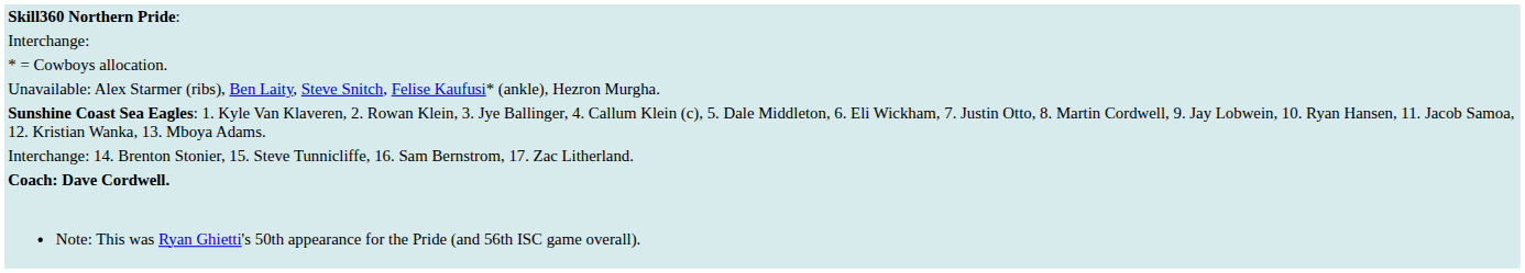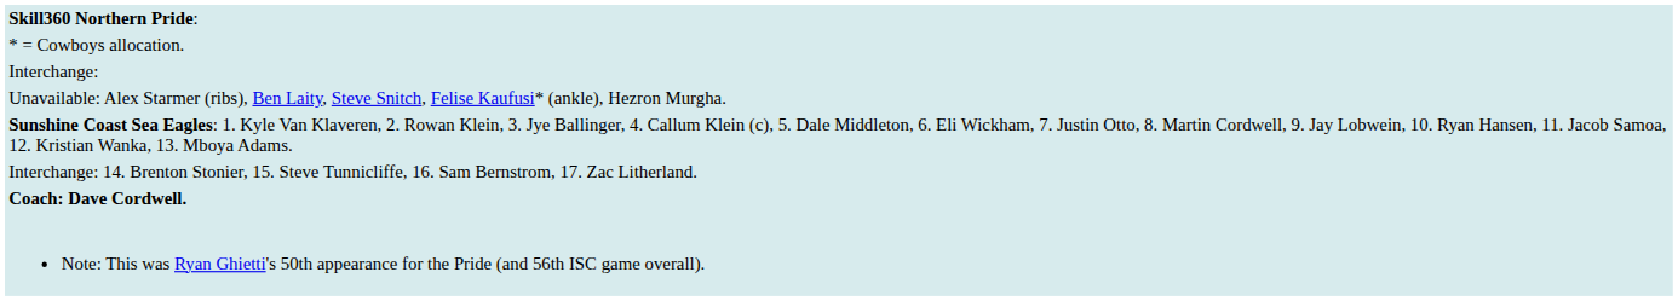 <table style="background:#d7ebed; font-size:85%; width:100%;">
 <tr>
 <td><strong>Skill360 Northern Pride</strong>:             </td>
 </tr>
 <tr>
-<td>Interchange:    </td>
+<td>* = Cowboys allocation.</td>
 </tr>
 <tr>
-<td>* = Cowboys allocation.</td>
+<td>Interchange:    </td>
 </tr>
 <tr>
 <td>Unavailable: Alex Starmer (ribs), <a href='#'>Ben Laity</a>, <a href='#'>Steve Snitch</a>, <a href='#'>Felise Kaufusi</a>* (ankle), Hezron Murgha.</td>
 </tr>
 <tr>
 <td><strong>Sunshine Coast Sea Eagles</strong>: 1. Kyle Van Klaveren, 2. Rowan Klein, 3. Jye Ballinger, 4. Callum Klein (c), 5. Dale Middleton, 6. Eli Wickham, 7. Justin Otto, 8. Martin Cordwell, 9. Jay Lobwein, 10. Ryan Hansen, 11. Jacob Samoa, 12. Kristian Wanka, 13. Mboya Adams.</td>
 </tr>
 <tr>
 <td>Interchange: 14. Brenton Stonier, 15. Steve Tunnicliffe, 16. Sam Bernstrom, 17. Zac Litherland.</td>
 </tr>
 <tr>
 <td><strong>Coach: Dave Cordwell.</strong></td>
 </tr>
 <tr>
 <td><br><ul><li>Note: This was <a href='#'>Ryan Ghietti</a>'s 50th appearance for the Pride (and 56th ISC game overall).</li></ul></td>
 </tr>
 </table>
